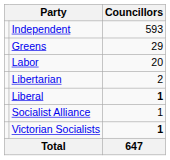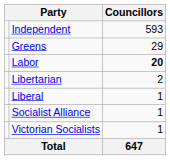 <table class="wikitable">
 <tr>
 <th colspan=2>Party</th>
 <th>Councillors</th>
 </tr>
 <tr>
 <td></td>
 <td><a href='#'>Independent</a></td>
 <td align=right>593</td>
 </tr>
 <tr>
 <td></td>
 <td><a href='#'>Greens</a></td>
 <td align=right>29</td>
 </tr>
 <tr>
 <td></td>
 <td><a href='#'>Labor</a></td>
-<td align=right>20</td>
+<td align=right><strong>20</strong></td>
 </tr>
 <tr>
 <td></td>
 <td><a href='#'>Libertarian</a></td>
 <td align=right>2</td>
 </tr>
 <tr>
 <td></td>
 <td><a href='#'>Liberal</a></td>
-<td align=right><strong>1</strong></td>
+<td align=right>1</td>
 </tr>
 <tr>
 <td></td>
 <td><a href='#'>Socialist Alliance</a></td>
 <td align=right>1</td>
 </tr>
 <tr>
 <td></td>
 <td><a href='#'>Victorian Socialists</a></td>
-<td align=right><strong>1</strong></td>
+<td align=right>1</td>
 </tr>
 <tr>
 <th colspan="2">Total</th>
 <th>647</th>
 </tr>
 </table>
